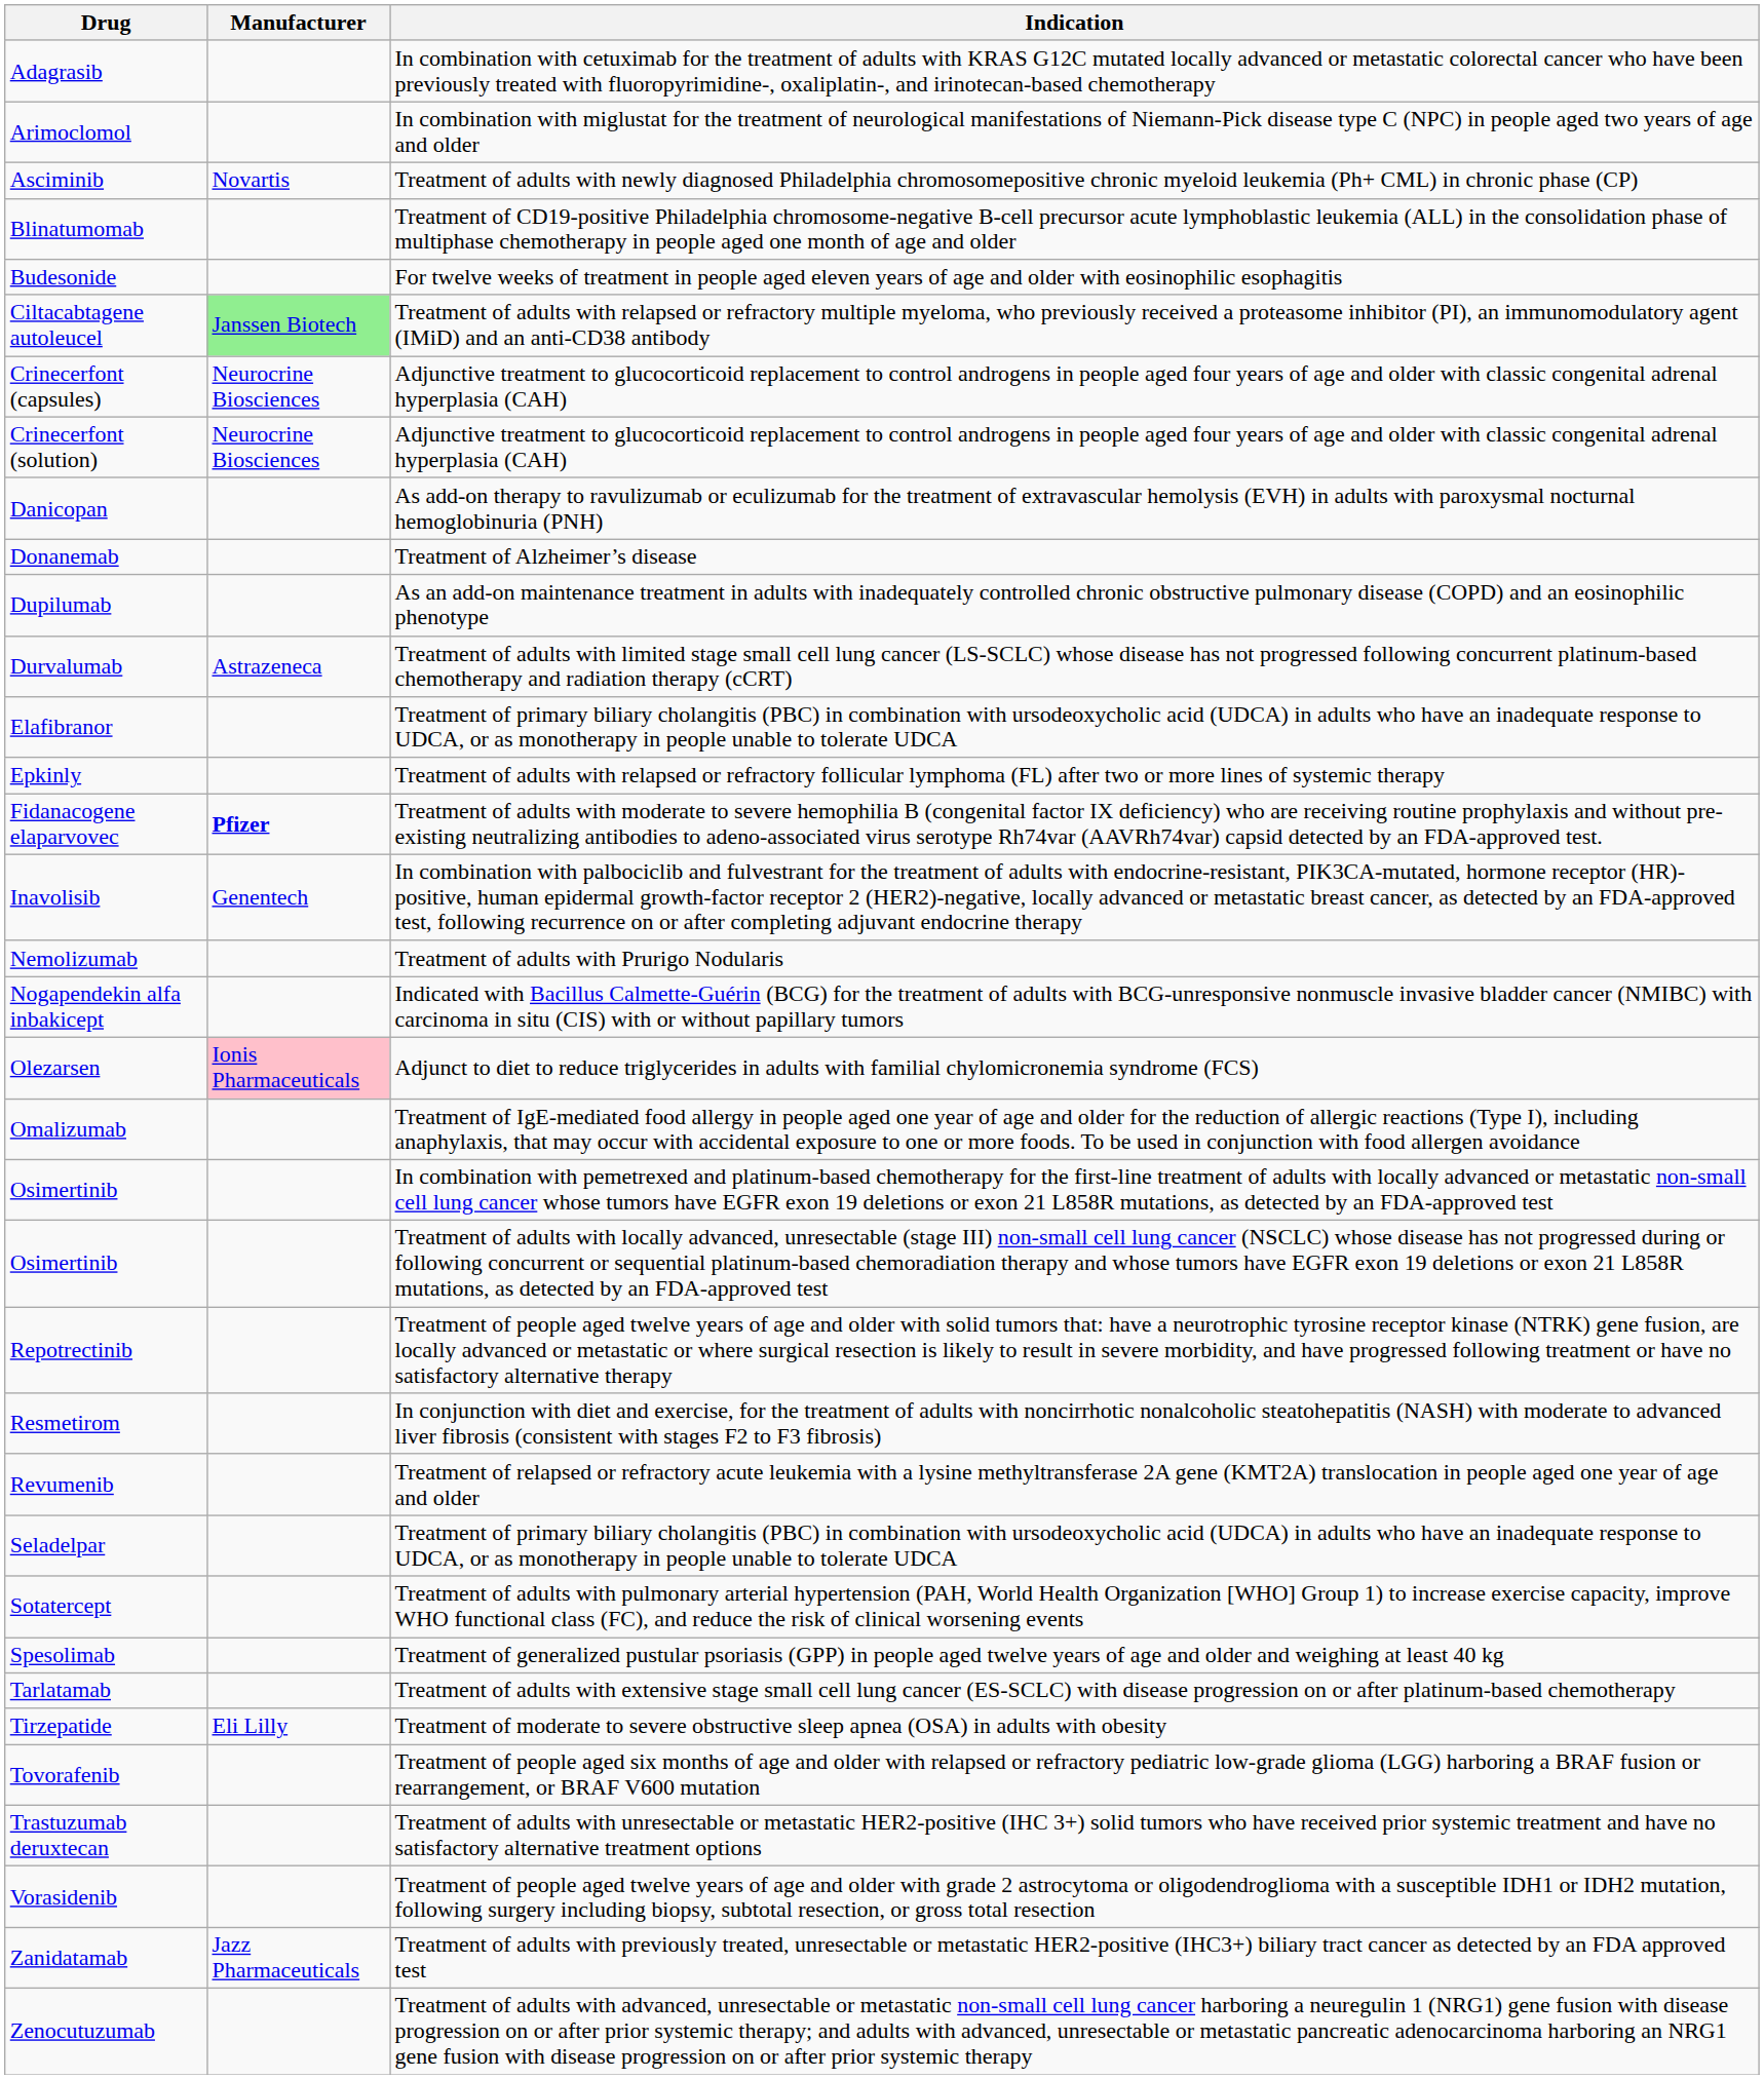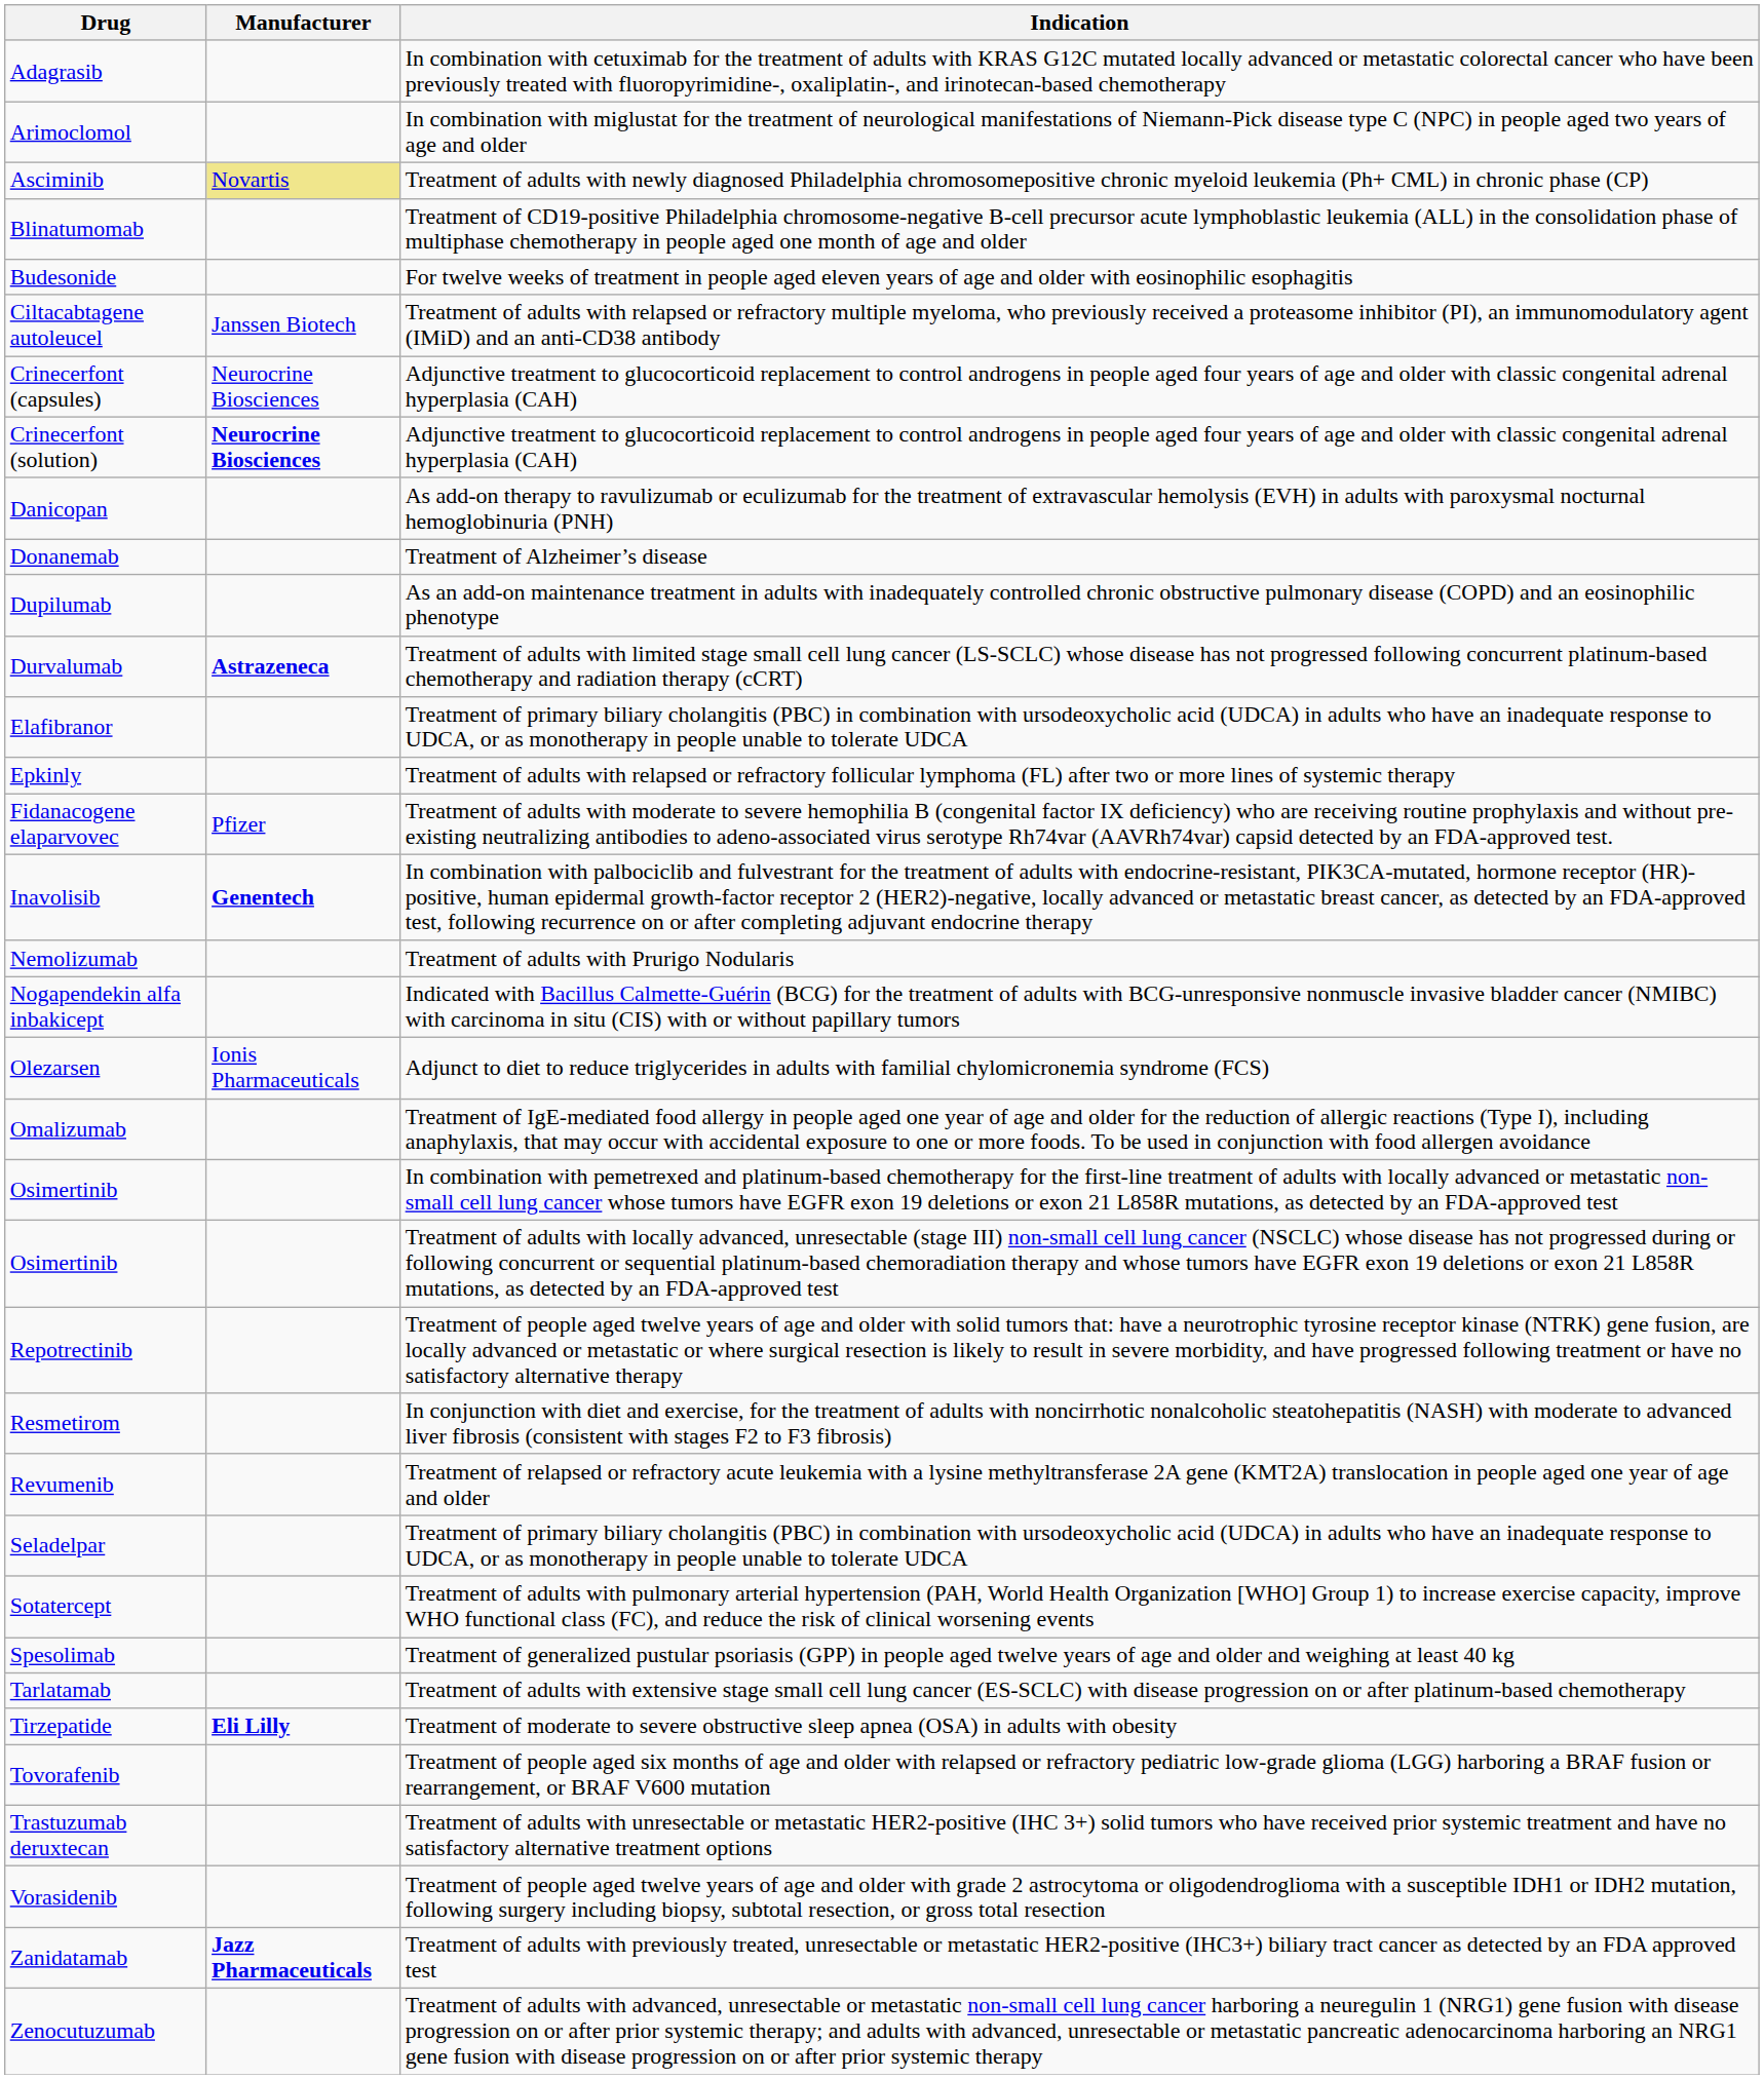 <table class="sortable wikitable">
 <tr>
 <th>Drug</th>
 <th>Manufacturer</th>
 <th>Indication</th>
 </tr>
 <tr>
 <td><a href='#'>Adagrasib</a></td>
 <td></td>
 <td>In combination with cetuximab for the treatment of adults with KRAS G12C mutated locally advanced or metastatic colorectal cancer who have been previously treated with fluoropyrimidine-, oxaliplatin-, and irinotecan-based chemotherapy</td>
 </tr>
 <tr>
 <td><a href='#'>Arimoclomol</a></td>
 <td></td>
 <td>In combination with miglustat for the treatment of neurological manifestations of Niemann-Pick disease type C (NPC) in people aged two years of age and older</td>
 </tr>
 <tr>
 <td><a href='#'>Asciminib</a></td>
-<td><a href='#'>Novartis</a></td>
+<td style="background: khaki;"><a href='#'>Novartis</a></td>
 <td>Treatment of adults with newly diagnosed Philadelphia chromosomepositive chronic myeloid leukemia (Ph+ CML) in chronic phase (CP)</td>
 </tr>
 <tr>
 <td><a href='#'>Blinatumomab</a></td>
 <td></td>
 <td>Treatment of CD19-positive Philadelphia chromosome-negative B-cell precursor acute lymphoblastic leukemia (ALL) in the consolidation phase of multiphase chemotherapy in people aged one month of age and older</td>
 </tr>
 <tr>
 <td><a href='#'>Budesonide</a></td>
 <td></td>
 <td>For twelve weeks of treatment in people aged eleven years of age and older with eosinophilic esophagitis</td>
 </tr>
 <tr>
 <td><a href='#'>Ciltacabtagene autoleucel</a></td>
-<td style="background: lightgreen;"><a href='#'>Janssen Biotech</a></td>
+<td><a href='#'>Janssen Biotech</a></td>
 <td>Treatment of adults with relapsed or refractory multiple myeloma, who previously received a proteasome inhibitor (PI), an immunomodulatory agent (IMiD) and an anti-CD38 antibody</td>
 </tr>
 <tr>
 <td><a href='#'>Crinecerfont</a> (capsules)</td>
 <td><a href='#'>Neurocrine Biosciences</a></td>
 <td>Adjunctive treatment to glucocorticoid replacement to control androgens in people aged four years of age and older with classic congenital adrenal hyperplasia (CAH)</td>
 </tr>
 <tr>
 <td><a href='#'>Crinecerfont</a> (solution)</td>
-<td><a href='#'>Neurocrine Biosciences</a></td>
+<td><strong><a href='#'>Neurocrine Biosciences</a></strong></td>
 <td>Adjunctive treatment to glucocorticoid replacement to control androgens in people aged four years of age and older with classic congenital adrenal hyperplasia (CAH)</td>
 </tr>
 <tr>
 <td><a href='#'>Danicopan</a></td>
 <td></td>
 <td>As add-on therapy to ravulizumab or eculizumab for the treatment of extravascular hemolysis (EVH) in adults with paroxysmal nocturnal hemoglobinuria (PNH)</td>
 </tr>
 <tr>
 <td><a href='#'>Donanemab</a></td>
 <td></td>
 <td>Treatment of Alzheimer’s disease</td>
 </tr>
 <tr>
 <td><a href='#'>Dupilumab</a></td>
 <td></td>
 <td>As an add-on maintenance treatment in adults with inadequately controlled chronic obstructive pulmonary disease (COPD) and an eosinophilic phenotype</td>
 </tr>
 <tr>
 <td><a href='#'>Durvalumab</a></td>
-<td><a href='#'>Astrazeneca</a></td>
+<td><strong><a href='#'>Astrazeneca</a></strong></td>
 <td>Treatment of adults with limited stage small cell lung cancer (LS-SCLC) whose disease has not progressed following concurrent platinum-based chemotherapy and radiation therapy (cCRT)</td>
 </tr>
 <tr>
 <td><a href='#'>Elafibranor</a></td>
 <td></td>
 <td>Treatment of primary biliary cholangitis (PBC) in combination with ursodeoxycholic acid (UDCA) in adults who have an inadequate response to UDCA, or as monotherapy in people unable to tolerate UDCA</td>
 </tr>
 <tr>
 <td><a href='#'>Epkinly</a></td>
 <td></td>
 <td>Treatment of adults with relapsed or refractory follicular lymphoma (FL) after two or more lines of systemic therapy</td>
 </tr>
 <tr>
 <td><a href='#'>Fidanacogene elaparvovec</a></td>
-<td><strong><a href='#'>Pfizer</a></strong></td>
+<td><a href='#'>Pfizer</a></td>
 <td>Treatment of adults with moderate to severe hemophilia B (congenital factor IX deficiency) who are receiving routine prophylaxis and without pre-existing neutralizing antibodies to adeno-associated virus serotype Rh74var (AAVRh74var) capsid detected by an FDA-approved test.</td>
 </tr>
 <tr>
 <td><a href='#'>Inavolisib</a></td>
-<td><a href='#'>Genentech</a></td>
+<td><strong><a href='#'>Genentech</a></strong></td>
 <td>In combination with palbociclib and fulvestrant for the treatment of adults with endocrine-resistant, PIK3CA-mutated, hormone receptor (HR)-positive, human epidermal growth-factor receptor 2 (HER2)-negative, locally advanced or metastatic breast cancer, as detected by an FDA-approved test, following recurrence on or after completing adjuvant endocrine therapy</td>
 </tr>
 <tr>
 <td><a href='#'>Nemolizumab</a></td>
 <td></td>
 <td>Treatment of adults with Prurigo Nodularis</td>
 </tr>
 <tr>
 <td><a href='#'>Nogapendekin alfa inbakicept</a></td>
 <td></td>
 <td>Indicated with <a href='#'>Bacillus Calmette-Guérin</a> (BCG) for the treatment of adults with BCG-unresponsive nonmuscle invasive bladder cancer (NMIBC) with carcinoma in situ (CIS) with or without papillary tumors</td>
 </tr>
 <tr>
 <td><a href='#'>Olezarsen</a></td>
-<td style="background: pink;"><a href='#'>Ionis Pharmaceuticals</a></td>
+<td><a href='#'>Ionis Pharmaceuticals</a></td>
 <td>Adjunct to diet to reduce triglycerides in adults with familial chylomicronemia syndrome (FCS)</td>
 </tr>
 <tr>
 <td><a href='#'>Omalizumab</a></td>
 <td></td>
 <td>Treatment of IgE-mediated food allergy in people aged one year of age and older for the reduction of allergic reactions (Type I), including anaphylaxis, that may occur with accidental exposure to one or more foods. To be used in conjunction with food allergen avoidance</td>
 </tr>
 <tr>
 <td><a href='#'>Osimertinib</a></td>
 <td></td>
 <td>In combination with pemetrexed and platinum-based chemotherapy for the first-line treatment of adults with locally advanced or metastatic <a href='#'>non-small cell lung cancer</a> whose tumors have EGFR exon 19 deletions or exon 21 L858R mutations, as detected by an FDA-approved test</td>
 </tr>
 <tr>
 <td><a href='#'>Osimertinib</a></td>
 <td></td>
 <td>Treatment of adults with locally advanced, unresectable (stage III) <a href='#'>non-small cell lung cancer</a> (NSCLC) whose disease has not progressed during or following concurrent or sequential platinum-based chemoradiation therapy and whose tumors have EGFR exon 19 deletions or exon 21 L858R mutations, as detected by an FDA-approved test</td>
 </tr>
 <tr>
 <td><a href='#'>Repotrectinib</a></td>
 <td></td>
 <td>Treatment of people aged twelve years of age and older with solid tumors that: have a neurotrophic tyrosine receptor kinase (NTRK) gene fusion, are locally advanced or metastatic or where surgical resection is likely to result in severe morbidity, and have progressed following treatment or have no satisfactory alternative therapy</td>
 </tr>
 <tr>
 <td><a href='#'>Resmetirom</a></td>
 <td></td>
 <td>In conjunction with diet and exercise, for the treatment of adults with noncirrhotic nonalcoholic steatohepatitis (NASH) with moderate to advanced liver fibrosis (consistent with stages F2 to F3 fibrosis)</td>
 </tr>
 <tr>
 <td><a href='#'>Revumenib</a></td>
 <td></td>
 <td>Treatment of relapsed or refractory acute leukemia with a lysine methyltransferase 2A gene (KMT2A) translocation in people aged one year of age and older</td>
 </tr>
 <tr>
 <td><a href='#'>Seladelpar</a></td>
 <td></td>
 <td>Treatment of primary biliary cholangitis (PBC) in combination with ursodeoxycholic acid (UDCA) in adults who have an inadequate response to UDCA, or as monotherapy in people unable to tolerate UDCA</td>
 </tr>
 <tr>
 <td><a href='#'>Sotatercept</a></td>
 <td></td>
 <td>Treatment of adults with pulmonary arterial hypertension (PAH, World Health Organization [WHO] Group 1) to increase exercise capacity, improve WHO functional class (FC), and reduce the risk of clinical worsening events</td>
 </tr>
 <tr>
 <td><a href='#'>Spesolimab</a></td>
 <td></td>
 <td>Treatment of generalized pustular psoriasis (GPP) in people aged twelve years of age and older and weighing at least 40 kg</td>
 </tr>
 <tr>
 <td><a href='#'>Tarlatamab</a></td>
 <td></td>
 <td>Treatment of adults with extensive stage small cell lung cancer (ES-SCLC) with disease progression on or after platinum-based chemotherapy</td>
 </tr>
 <tr>
 <td><a href='#'>Tirzepatide</a></td>
-<td><a href='#'>Eli Lilly</a></td>
+<td><strong><a href='#'>Eli Lilly</a></strong></td>
 <td>Treatment of moderate to severe obstructive sleep apnea (OSA) in adults with obesity</td>
 </tr>
 <tr>
 <td><a href='#'>Tovorafenib</a></td>
 <td></td>
 <td>Treatment of people aged six months of age and older with relapsed or refractory pediatric low-grade glioma (LGG) harboring a BRAF fusion or rearrangement, or BRAF V600 mutation</td>
 </tr>
 <tr>
 <td><a href='#'>Trastuzumab deruxtecan</a></td>
 <td></td>
 <td>Treatment of adults with unresectable or metastatic HER2-positive (IHC 3+) solid tumors who have received prior systemic treatment and have no satisfactory alternative treatment options</td>
 </tr>
 <tr>
 <td><a href='#'>Vorasidenib</a></td>
 <td></td>
 <td>Treatment of people aged twelve years of age and older with grade 2 astrocytoma or oligodendroglioma with a susceptible IDH1 or IDH2 mutation, following surgery including biopsy, subtotal resection, or gross total resection</td>
 </tr>
 <tr>
 <td><a href='#'>Zanidatamab</a></td>
-<td><a href='#'>Jazz Pharmaceuticals</a></td>
+<td><strong><a href='#'>Jazz Pharmaceuticals</a></strong></td>
 <td>Treatment of adults with previously treated, unresectable or metastatic HER2-positive (IHC3+) biliary tract cancer as detected by an FDA approved test</td>
 </tr>
 <tr>
 <td><a href='#'>Zenocutuzumab</a></td>
 <td></td>
 <td>Treatment of adults with advanced, unresectable or metastatic <a href='#'>non-small cell lung cancer</a> harboring a neuregulin 1 (NRG1) gene fusion with disease progression on or after prior systemic therapy; and adults with advanced, unresectable or metastatic pancreatic adenocarcinoma harboring an NRG1 gene fusion with disease progression on or after prior systemic therapy</td>
 </tr>
 <tr>
 </tr>
 </table>
